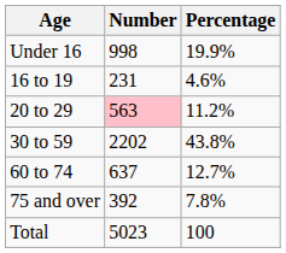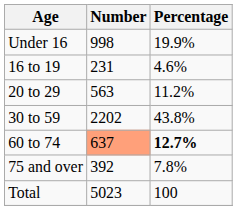 <table class="wikitable">
 <tr>
 <th>Age</th>
 <th>Number</th>
 <th>Percentage</th>
 </tr>
 <tr>
 <td>Under 16</td>
 <td>998</td>
 <td>19.9%</td>
 </tr>
 <tr>
 <td>16 to 19</td>
 <td>231</td>
 <td>4.6%</td>
 </tr>
 <tr>
 <td>20 to 29</td>
-<td style="background: pink;">563</td>
+<td>563</td>
 <td>11.2%</td>
 </tr>
 <tr>
 <td>30 to 59</td>
 <td>2202</td>
 <td>43.8%</td>
 </tr>
 <tr>
 <td>60 to 74</td>
-<td>637</td>
-<td>12.7%</td>
+<td style="background: lightsalmon;">637</td>
+<td><strong>12.7%</strong></td>
 </tr>
 <tr>
 <td>75 and over</td>
 <td>392</td>
 <td>7.8%</td>
 </tr>
 <tr>
 <td>Total</td>
 <td>5023</td>
 <td>100</td>
 </tr>
 <tr>
 </tr>
 </table>
